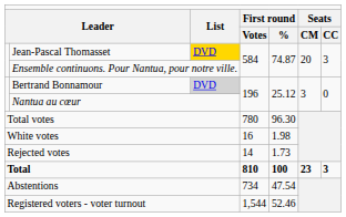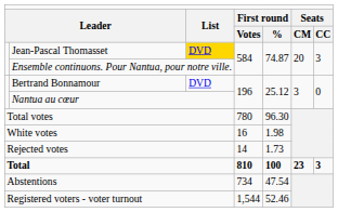 <table class="wikitable">
 <tr>
 <td colspan="7"></td>
 </tr>
 <tr>
 <th colspan="2" rowspan="2">Leader</th>
 <th rowspan="2">List</th>
 <th colspan="2">First round</th>
 <th colspan="2">Seats</th>
 </tr>
 <tr>
 <th>Votes</th>
 <th>%</th>
 <th>CM</th>
 <th>CC</th>
 </tr>
 <tr>
 <td rowspan="2" bgcolor=></td>
 <td>Jean-Pascal Thomasset</td>
 <td style="background: gold;"><a href='#'>DVD</a></td>
 <td rowspan="2">584</td>
 <td rowspan="2">74.87</td>
 <td rowspan="2">20</td>
 <td rowspan="2">3</td>
 </tr>
 <tr>
 <td colspan="2"><em>Ensemble continuons. Pour Nantua, pour notre ville.</em></td>
 </tr>
 <tr>
 <td rowspan="2" bgcolor=></td>
 <td>Bertrand Bonnamour</td>
-<td style="background: lightgrey;"><a href='#'>DVD</a></td>
+<td><a href='#'>DVD</a></td>
 <td rowspan="2">196</td>
 <td rowspan="2">25.12</td>
 <td rowspan="2">3</td>
 <td rowspan="2">0</td>
 </tr>
 <tr>
 <td colspan="2"><em>Nantua au cœur</em></td>
 </tr>
 <tr>
 <td colspan="3">Total votes</td>
 <td>780</td>
 <td>96.30</td>
 <th colspan="2" rowspan="3"></th>
 </tr>
 <tr>
 <td colspan="3">White votes</td>
 <td>16</td>
 <td>1.98</td>
 </tr>
 <tr>
 <td colspan="3">Rejected votes</td>
 <td>14</td>
 <td>1.73</td>
 </tr>
 <tr>
 <td colspan="3"><strong>Total</strong></td>
 <td><strong>810</strong></td>
 <td><strong>100</strong></td>
 <td><strong>23</strong></td>
 <td><strong>3</strong></td>
 </tr>
 <tr>
 <td colspan="3">Abstentions</td>
 <td>734</td>
 <td>47.54</td>
 <th colspan="2" rowspan="2"></th>
 </tr>
 <tr>
 <td colspan="3">Registered voters - voter turnout</td>
 <td>1,544</td>
 <td>52.46</td>
 </tr>
 </table>
